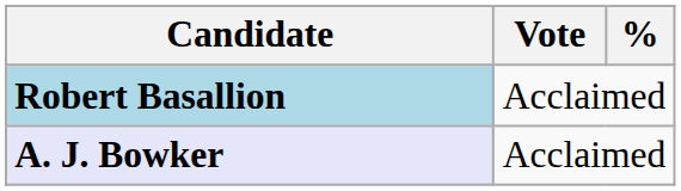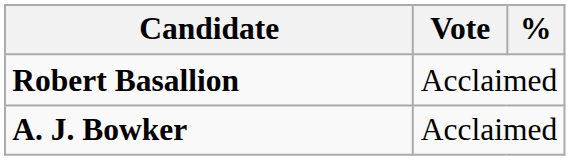 <table class="wikitable">
 <tr>
 <th bgcolor="#DDDDFF" width="200px">Candidate</th>
 <th bgcolor="#DDDDFF">Vote</th>
 <th bgcolor="#DDDDFF">%</th>
 </tr>
 <tr>
-<td style="background: lightblue;"><strong>Robert Basallion</strong></td>
+<td><strong>Robert Basallion</strong></td>
 <td colspan="2">Acclaimed</td>
 </tr>
 <tr>
-<td style="background: lavender;"><strong>A. J. Bowker</strong></td>
+<td><strong>A. J. Bowker</strong></td>
 <td colspan="2">Acclaimed</td>
 </tr>
 </table>
